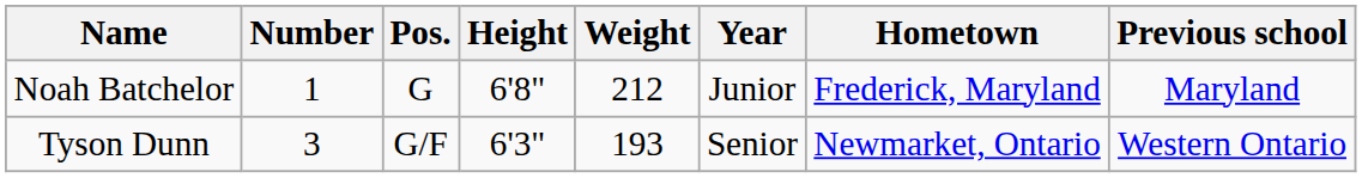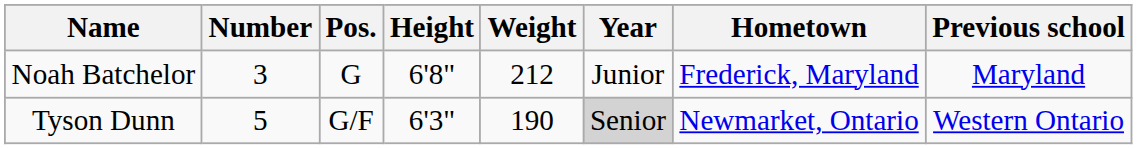 <table class="wikitable sortable" style="text-align:center">
 <tr align=center>
 <th>Name</th>
 <th>Number</th>
 <th>Pos.</th>
 <th>Height</th>
 <th>Weight</th>
 <th>Year</th>
 <th>Hometown</th>
 <th class="unsortable">Previous school</th>
 </tr>
 <tr>
 <td>Noah Batchelor</td>
-<td>1</td>
+<td>3</td>
 <td>G</td>
 <td>6'8"</td>
 <td>212</td>
 <td>Junior</td>
 <td><a href='#'>Frederick, Maryland</a></td>
 <td><a href='#'>Maryland</a></td>
 </tr>
 <tr>
 <td>Tyson Dunn</td>
-<td>3</td>
+<td>5</td>
 <td>G/F</td>
 <td>6'3"</td>
-<td>193</td>
-<td>Senior</td>
+<td>190</td>
+<td style="background: lightgrey;">Senior</td>
 <td><a href='#'>Newmarket, Ontario</a></td>
 <td><a href='#'>Western Ontario</a></td>
 </tr>
 </table>
